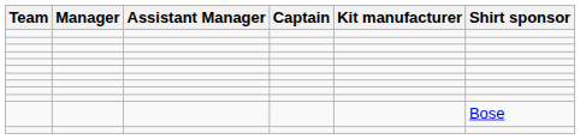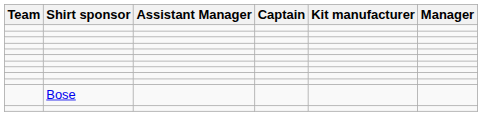 <table class="wikitable sortable">
 <tr>
 <th>Team</th>
-<th>Manager</th>
+<th>Shirt sponsor</th>
 <th>Assistant Manager</th>
 <th>Captain</th>
 <th>Kit manufacturer</th>
-<th>Shirt sponsor</th>
+<th>Manager</th>
 </tr>
 <tr>
+<td></td>
 <td></td>
 <td> </td>
 <td> </td>
 <td> </td>
 <td> </td>
-<td></td>
 </tr>
 <tr>
+<td></td>
 <td></td>
 <td> </td>
 <td> </td>
 <td> </td>
 <td> </td>
-<td></td>
 </tr>
 <tr>
+<td></td>
 <td></td>
 <td> </td>
 <td> </td>
 <td> </td>
 <td> </td>
-<td></td>
 </tr>
 <tr>
+<td></td>
 <td></td>
 <td> </td>
 <td> </td>
 <td> </td>
 <td> </td>
-<td></td>
 </tr>
 <tr>
+<td></td>
 <td></td>
 <td> </td>
 <td> </td>
 <td> </td>
 <td> </td>
-<td></td>
 </tr>
 <tr>
+<td></td>
 <td></td>
 <td> </td>
 <td> </td>
 <td> </td>
 <td> </td>
-<td></td>
 </tr>
 <tr>
+<td></td>
 <td></td>
 <td> </td>
 <td> </td>
 <td> </td>
 <td> </td>
-<td></td>
 </tr>
 <tr>
+<td></td>
 <td></td>
 <td> </td>
 <td> </td>
 <td> </td>
 <td> </td>
-<td></td>
 </tr>
 <tr>
+<td></td>
 <td></td>
 <td> </td>
 <td> </td>
 <td> </td>
 <td> </td>
-<td></td>
 </tr>
 <tr>
 <td></td>
-<td> </td>
+<td></td>
 <td></td>
 <td> </td>
 <td> </td>
-<td></td>
+<td> </td>
 </tr>
 <tr>
+<td></td>
+<td><a href='#'>Bose</a></td>
+<td> </td>
+<td> </td>
+<td> </td>
+<td> </td>
+</tr>
+<tr>
+<td></td>
 <td></td>
 <td> </td>
 <td> </td>
 <td> </td>
 <td> </td>
-<td><a href='#'>Bose</a></td>
-</tr>
-<tr>
-<td></td>
-<td> </td>
-<td> </td>
-<td> </td>
-<td> </td>
-<td></td>
 </tr>
 </table>
